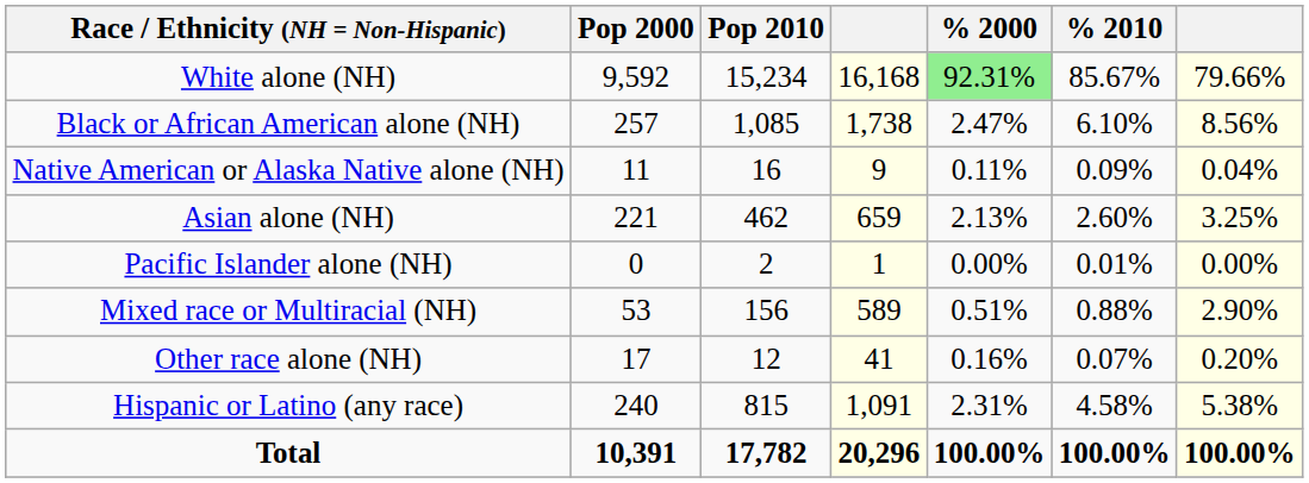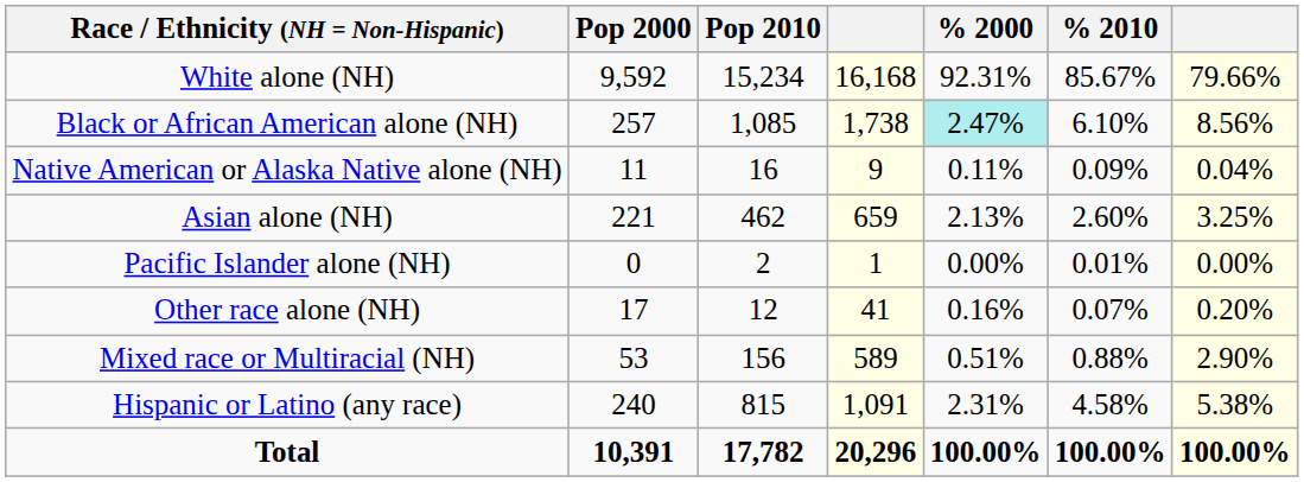 <table class="wikitable" style="text-align:center;">
 <tr>
 <th>Race / Ethnicity <small>(<em>NH = Non-Hispanic</em>)</small></th>
 <th>Pop 2000</th>
 <th>Pop 2010</th>
 <th></th>
 <th>% 2000</th>
 <th>% 2010</th>
 <th></th>
 </tr>
 <tr>
 <td><a href='#'>White</a> alone (NH)</td>
 <td>9,592</td>
 <td>15,234</td>
 <td style='background: #ffffe6;'>16,168</td>
-<td style="background: lightgreen;">92.31%</td>
+<td>92.31%</td>
 <td>85.67%</td>
 <td style='background: #ffffe6;'>79.66%</td>
 </tr>
 <tr>
 <td><a href='#'>Black or African American</a> alone (NH)</td>
 <td>257</td>
 <td>1,085</td>
 <td style='background: #ffffe6;'>1,738</td>
-<td>2.47%</td>
+<td style="background: paleturquoise;">2.47%</td>
 <td>6.10%</td>
 <td style='background: #ffffe6;'>8.56%</td>
 </tr>
 <tr>
 <td><a href='#'>Native American</a> or <a href='#'>Alaska Native</a> alone (NH)</td>
 <td>11</td>
 <td>16</td>
 <td style='background: #ffffe6;'>9</td>
 <td>0.11%</td>
 <td>0.09%</td>
 <td style='background: #ffffe6;'>0.04%</td>
 </tr>
 <tr>
 <td><a href='#'>Asian</a> alone (NH)</td>
 <td>221</td>
 <td>462</td>
 <td style='background: #ffffe6;'>659</td>
 <td>2.13%</td>
 <td>2.60%</td>
 <td style='background: #ffffe6;'>3.25%</td>
 </tr>
 <tr>
 <td><a href='#'>Pacific Islander</a> alone (NH)</td>
 <td>0</td>
 <td>2</td>
 <td style='background: #ffffe6;'>1</td>
 <td>0.00%</td>
 <td>0.01%</td>
 <td style='background: #ffffe6;'>0.00%</td>
 </tr>
 <tr>
+<td><a href='#'>Other race</a> alone (NH)</td>
+<td>17</td>
+<td>12</td>
+<td style='background: #ffffe6;'>41</td>
+<td>0.16%</td>
+<td>0.07%</td>
+<td style='background: #ffffe6;'>0.20%</td>
+</tr>
+<tr>
 <td><a href='#'>Mixed race or Multiracial</a> (NH)</td>
 <td>53</td>
 <td>156</td>
 <td style='background: #ffffe6;'>589</td>
 <td>0.51%</td>
 <td>0.88%</td>
 <td style='background: #ffffe6;'>2.90%</td>
-</tr>
-<tr>
-<td><a href='#'>Other race</a> alone (NH)</td>
-<td>17</td>
-<td>12</td>
-<td style='background: #ffffe6;'>41</td>
-<td>0.16%</td>
-<td>0.07%</td>
-<td style='background: #ffffe6;'>0.20%</td>
 </tr>
 <tr>
 <td><a href='#'>Hispanic or Latino</a> (any race)</td>
 <td>240</td>
 <td>815</td>
 <td style='background: #ffffe6;'>1,091</td>
 <td>2.31%</td>
 <td>4.58%</td>
 <td style='background: #ffffe6;'>5.38%</td>
 </tr>
 <tr>
 <td><strong>Total</strong></td>
 <td><strong>10,391</strong></td>
 <td><strong>17,782</strong></td>
 <td style='background: #ffffe6;'><strong>20,296</strong></td>
 <td><strong>100.00%</strong></td>
 <td><strong>100.00%</strong></td>
 <td style='background: #ffffe6;'><strong>100.00%</strong></td>
 </tr>
 </table>
